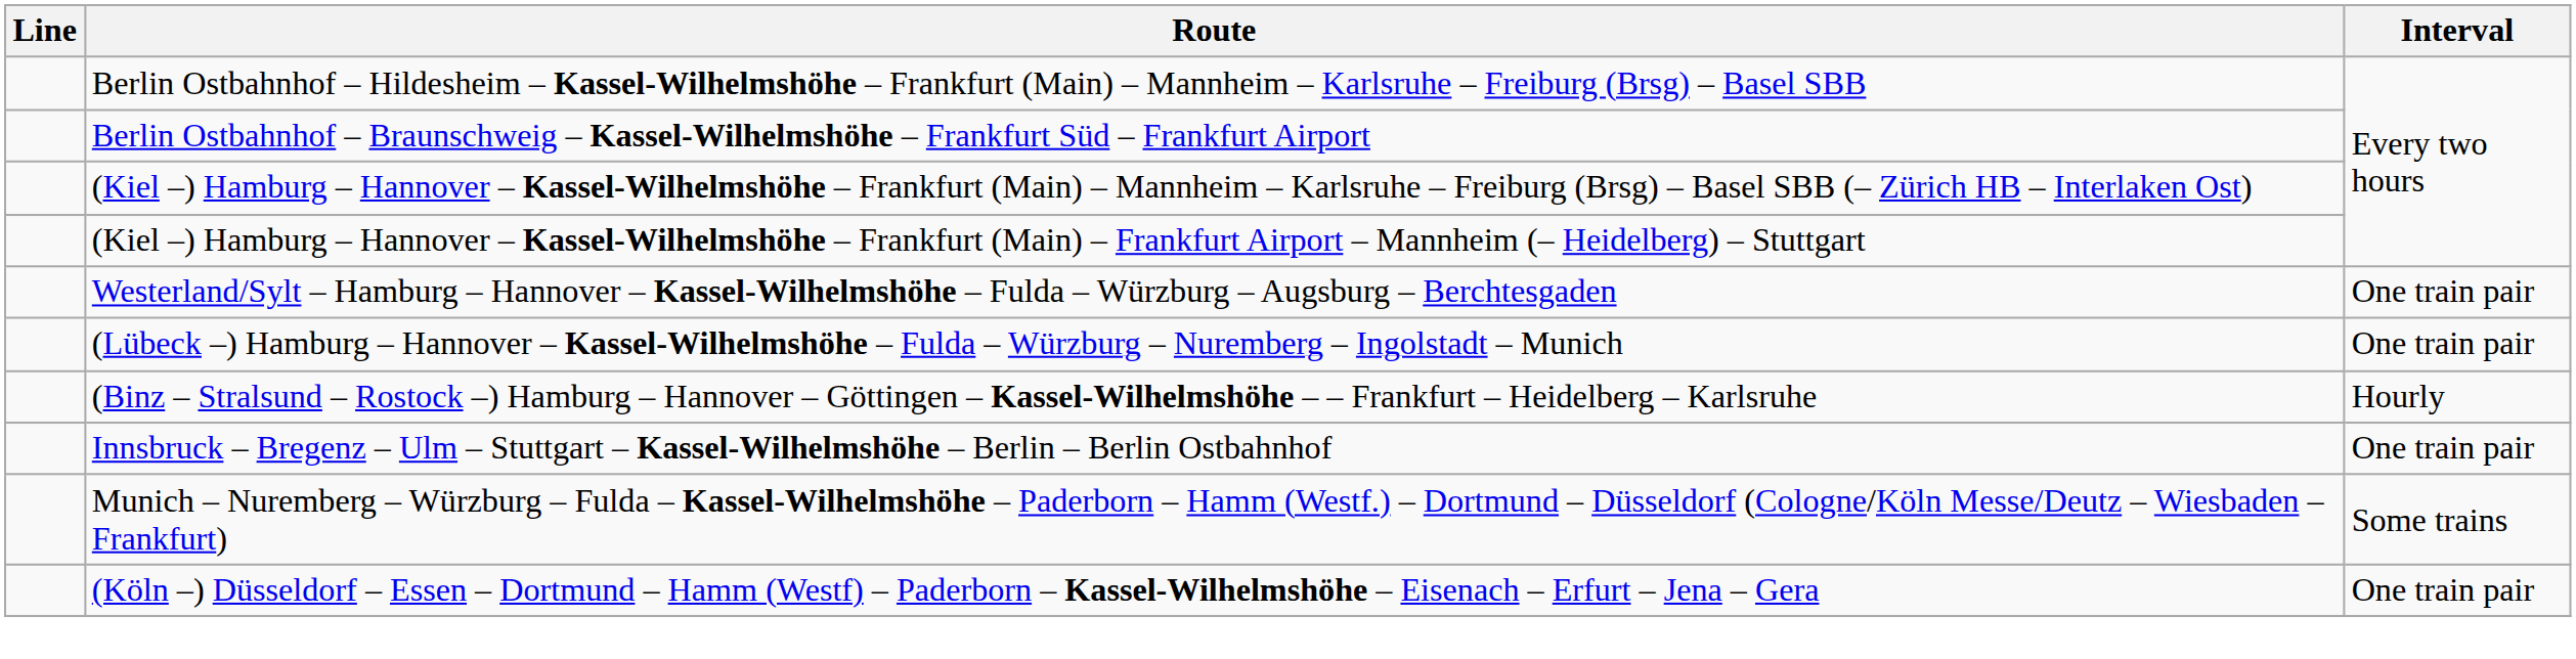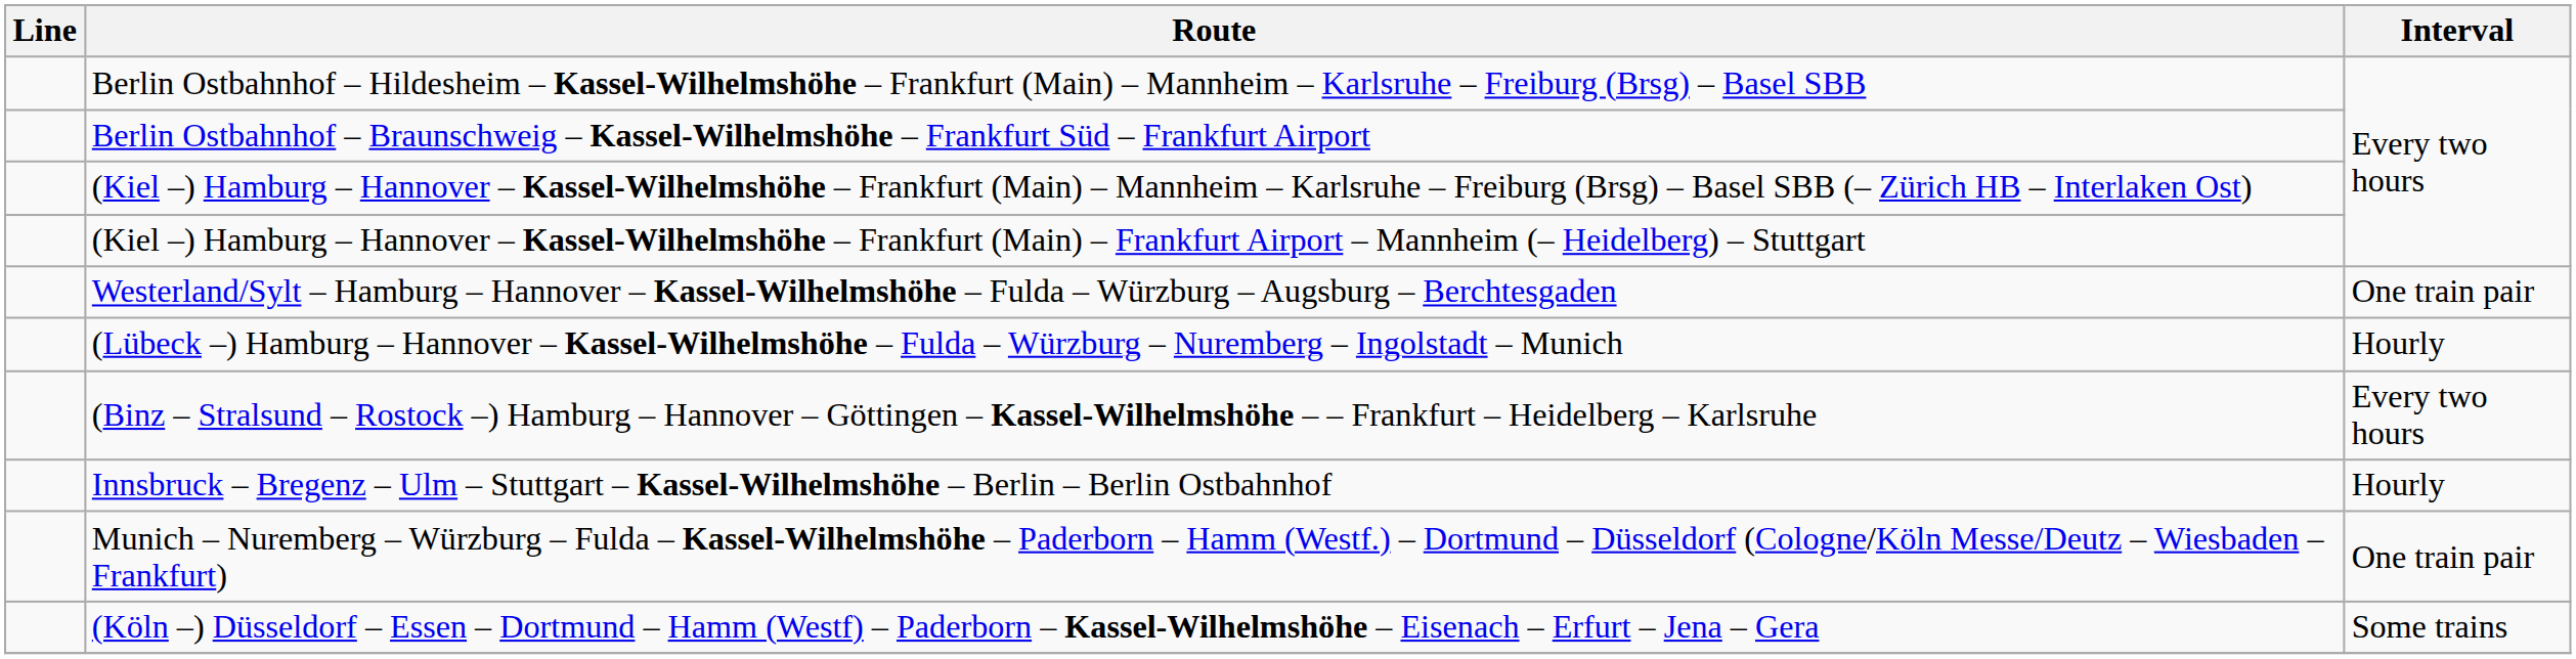 <table class="wikitable">
 <tr class="hintergrundfarbe5">
 <th>Line</th>
 <th>Route</th>
 <th>Interval</th>
 </tr>
 <tr>
 <td></td>
 <td>Berlin Ostbahnhof – Hildesheim – <strong>Kassel-Wilhelmshöhe</strong> – Frankfurt (Main) – Mannheim – <a href='#'>Karlsruhe</a> – <a href='#'>Freiburg (Brsg)</a> – <a href='#'>Basel SBB</a></td>
 <td rowspan="4">Every two hours</td>
 </tr>
 <tr>
 <td></td>
 <td><a href='#'>Berlin Ostbahnhof</a> – <a href='#'>Braunschweig</a> – <strong>Kassel-Wilhelmshöhe</strong> – <a href='#'>Frankfurt Süd</a> – <a href='#'>Frankfurt Airport</a></td>
 </tr>
 <tr>
 <td></td>
 <td>(<a href='#'>Kiel</a> –) <a href='#'>Hamburg</a> – <a href='#'>Hannover</a> – <strong>Kassel-Wilhelmshöhe</strong> – Frankfurt (Main) – Mannheim – Karlsruhe – Freiburg (Brsg) – Basel SBB (– <a href='#'>Zürich HB</a> – <a href='#'>Interlaken Ost</a>)</td>
 </tr>
 <tr>
 <td></td>
 <td>(Kiel –) Hamburg – Hannover – <strong>Kassel-Wilhelmshöhe</strong> – Frankfurt (Main) – <a href='#'>Frankfurt Airport</a> – Mannheim (– <a href='#'>Heidelberg</a>) – Stuttgart</td>
 </tr>
 <tr>
 <td></td>
 <td><a href='#'>Westerland/Sylt</a> – Hamburg – Hannover – <strong>Kassel-Wilhelmshöhe</strong> – Fulda – Würzburg – Augsburg – <a href='#'>Berchtesgaden</a></td>
 <td>One train pair</td>
 </tr>
 <tr>
 <td></td>
 <td>(<a href='#'>Lübeck</a> –) Hamburg – Hannover – <strong>Kassel-Wilhelmshöhe</strong> – <a href='#'>Fulda</a> – <a href='#'>Würzburg</a> – <a href='#'>Nuremberg</a> – <a href='#'>Ingolstadt</a> – Munich</td>
+<td>Hourly</td>
+</tr>
+<tr>
+<td></td>
+<td>(<a href='#'>Binz</a> – <a href='#'>Stralsund</a> – <a href='#'>Rostock</a> –) Hamburg – Hannover – Göttingen – <strong>Kassel-Wilhelmshöhe</strong> –  – Frankfurt – Heidelberg – Karlsruhe</td>
+<td>Every two hours</td>
+</tr>
+<tr>
+<td></td>
+<td><a href='#'>Innsbruck</a> – <a href='#'>Bregenz</a> – <a href='#'>Ulm</a> – Stuttgart – <strong>Kassel-Wilhelmshöhe</strong> – Berlin – Berlin Ostbahnhof</td>
+<td>Hourly</td>
+</tr>
+<tr>
+<td></td>
+<td>Munich – Nuremberg – Würzburg – Fulda – <strong>Kassel-Wilhelmshöhe</strong> – <a href='#'>Paderborn</a> – <a href='#'>Hamm (Westf.)</a> – <a href='#'>Dortmund</a> – <a href='#'>Düsseldorf</a> (<a href='#'>Cologne</a>/<a href='#'>Köln Messe/Deutz</a> – <a href='#'>Wiesbaden</a> – <a href='#'>Frankfurt</a>)</td>
 <td>One train pair</td>
 </tr>
 <tr>
 <td></td>
-<td>(<a href='#'>Binz</a> – <a href='#'>Stralsund</a> – <a href='#'>Rostock</a> –) Hamburg – Hannover – Göttingen – <strong>Kassel-Wilhelmshöhe</strong> –  – Frankfurt – Heidelberg – Karlsruhe</td>
-<td>Hourly</td>
-</tr>
-<tr>
-<td></td>
-<td><a href='#'>Innsbruck</a> – <a href='#'>Bregenz</a> – <a href='#'>Ulm</a> – Stuttgart – <strong>Kassel-Wilhelmshöhe</strong> – Berlin – Berlin Ostbahnhof</td>
-<td>One train pair</td>
-</tr>
-<tr>
-<td></td>
-<td>Munich – Nuremberg – Würzburg – Fulda – <strong>Kassel-Wilhelmshöhe</strong> – <a href='#'>Paderborn</a> – <a href='#'>Hamm (Westf.)</a> – <a href='#'>Dortmund</a> – <a href='#'>Düsseldorf</a> (<a href='#'>Cologne</a>/<a href='#'>Köln Messe/Deutz</a> – <a href='#'>Wiesbaden</a> – <a href='#'>Frankfurt</a>)</td>
+<td><a href='#'>(Köln</a> –) <a href='#'>Düsseldorf</a> – <a href='#'>Essen</a> – <a href='#'>Dortmund</a> – <a href='#'>Hamm (Westf)</a> – <a href='#'>Paderborn</a> – <strong>Kassel-Wilhelmshöhe</strong> – <a href='#'>Eisenach</a> – <a href='#'>Erfurt</a> – <a href='#'>Jena</a> – <a href='#'>Gera</a></td>
 <td>Some trains</td>
-</tr>
-<tr>
-<td></td>
-<td><a href='#'>(Köln</a> –) <a href='#'>Düsseldorf</a> – <a href='#'>Essen</a> – <a href='#'>Dortmund</a> – <a href='#'>Hamm (Westf)</a> – <a href='#'>Paderborn</a> – <strong>Kassel-Wilhelmshöhe</strong> – <a href='#'>Eisenach</a> – <a href='#'>Erfurt</a> – <a href='#'>Jena</a> – <a href='#'>Gera</a></td>
-<td>One train pair</td>
 </tr>
 <tr>
 </tr>
 </table>
